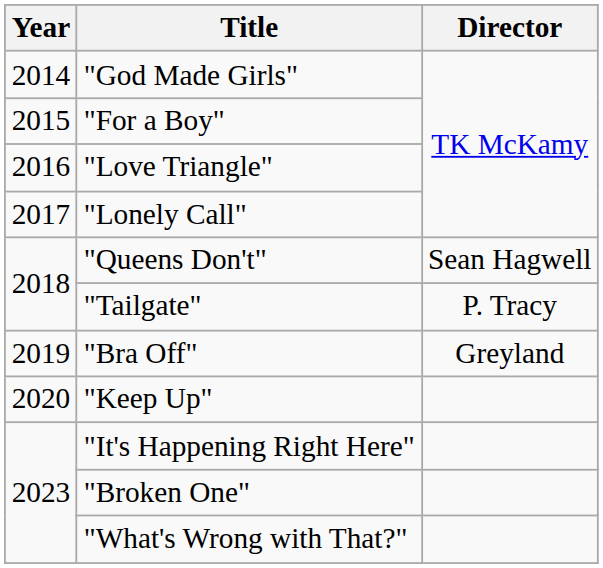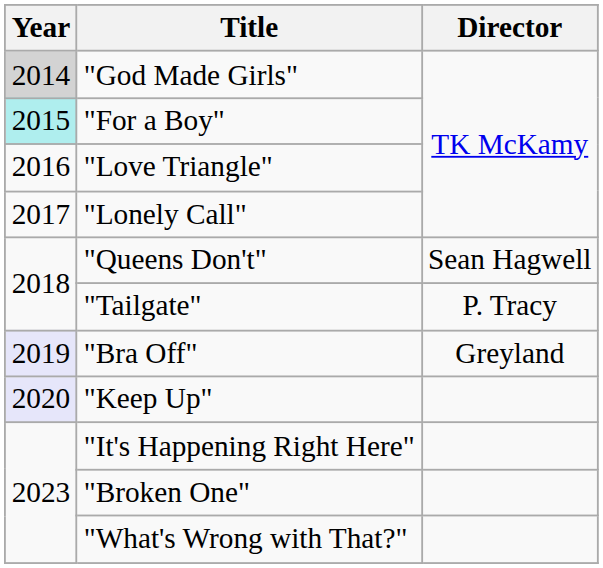 <table class="wikitable" style="text-align:center;">
 <tr>
 <th>Year</th>
 <th>Title</th>
 <th>Director</th>
 </tr>
 <tr>
-<td>2014</td>
+<td style="background: lightgrey;">2014</td>
 <td style="text-align:left;">"God Made Girls"</td>
 <td rowspan="4"><a href='#'>TK McKamy</a></td>
 </tr>
 <tr>
-<td>2015</td>
+<td style="background: paleturquoise;">2015</td>
 <td style="text-align:left;">"For a Boy"</td>
 </tr>
 <tr>
 <td>2016</td>
 <td style="text-align:left;">"Love Triangle"</td>
 </tr>
 <tr>
 <td>2017</td>
 <td style="text-align:left;">"Lonely Call"</td>
 </tr>
 <tr>
 <td rowspan="2">2018</td>
 <td style="text-align:left;">"Queens Don't"</td>
 <td>Sean Hagwell</td>
 </tr>
 <tr>
 <td style="text-align:left;">"Tailgate"</td>
 <td>P. Tracy</td>
 </tr>
 <tr>
-<td>2019</td>
+<td style="background: lavender;">2019</td>
 <td style="text-align:left;">"Bra Off"</td>
 <td>Greyland</td>
 </tr>
 <tr>
-<td>2020</td>
+<td style="background: lavender;">2020</td>
 <td style="text-align:left;">"Keep Up"</td>
 <td></td>
 </tr>
 <tr>
 <td rowspan="3">2023</td>
 <td style="text-align:left;">"It's Happening Right Here"</td>
 <td></td>
 </tr>
 <tr>
 <td style="text-align:left;">"Broken One"</td>
 <td></td>
 </tr>
 <tr>
 <td style="text-align:left;">"What's Wrong with That?"</td>
 <td></td>
 </tr>
 </table>
